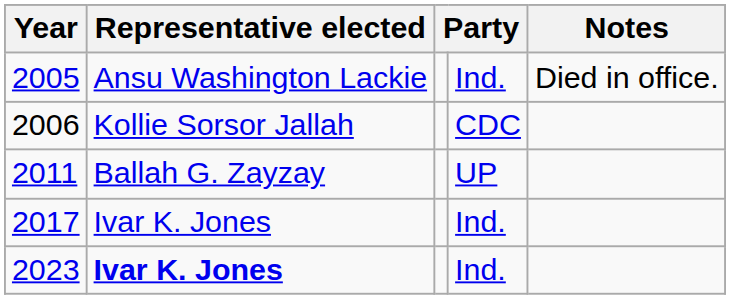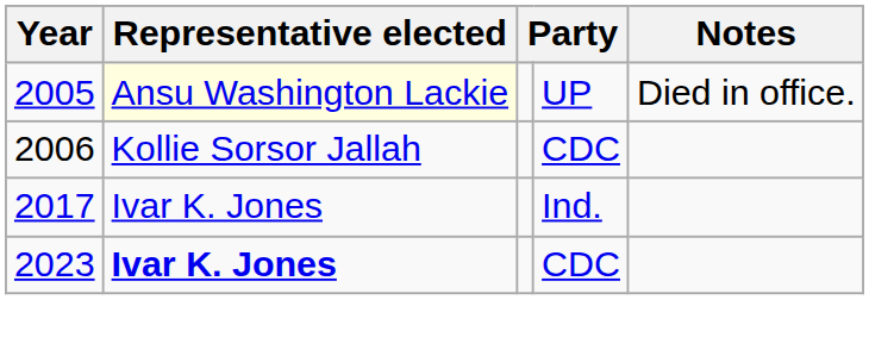 <table class="wikitable">
 <tr>
 <th>Year</th>
 <th>Representative elected</th>
 <th colspan=2>Party</th>
 <th>Notes</th>
 </tr>
 <tr>
 <td><a href='#'>2005</a></td>
-<td><a href='#'>Ansu Washington Lackie</a></td>
+<td style="background: lightyellow;"><a href='#'>Ansu Washington Lackie</a></td>
 <td></td>
-<td><a href='#'>Ind.</a></td>
+<td><a href='#'>UP</a></td>
 <td>Died in office.</td>
 </tr>
 <tr>
 <td>2006</td>
 <td><a href='#'>Kollie Sorsor Jallah</a></td>
 <td></td>
 <td><a href='#'>CDC</a></td>
-<td></td>
-</tr>
-<tr>
-<td><a href='#'>2011</a></td>
-<td><a href='#'>Ballah G. Zayzay</a></td>
-<td></td>
-<td><a href='#'>UP</a></td>
 <td></td>
 </tr>
 <tr>
 <td><a href='#'>2017</a></td>
 <td><a href='#'>Ivar K. Jones</a></td>
 <td></td>
 <td><a href='#'>Ind.</a></td>
 <td></td>
 </tr>
 <tr>
 <td><a href='#'>2023</a></td>
 <td><strong><a href='#'>Ivar K. Jones</a></strong></td>
 <td></td>
-<td><a href='#'>Ind.</a></td>
+<td><a href='#'>CDC</a></td>
 <td></td>
 </tr>
 </table>
